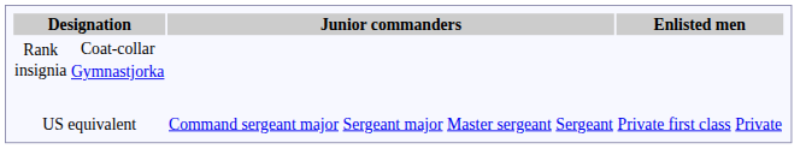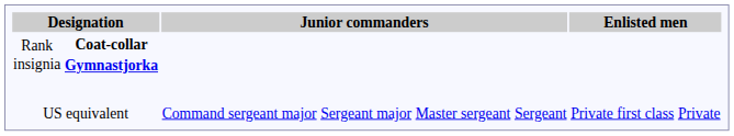 <table style="border:1px solid #8888aa; background-color:#f7f8ff; padding:5px; font-size:95%; margin: 0px 12px 12px 0px;">
 <tr bgcolor="#CCCCCC">
 <th colspan=2>Designation</th>
 <th colspan=4>Junior commanders</th>
 <th colspan=2>Enlisted men</th>
 </tr>
 <tr style="text-align:center;">
 <td rowspan=2>Rank<br>insignia</td>
-<td>Coat-collar</td>
+<td><strong>Coat-collar</strong></td>
 <td></td>
 <td></td>
 <td></td>
 <td></td>
 <td></td>
 <td></td>
 </tr>
 <tr style="text-align:center;">
-<td><a href='#'>Gymnastjorka</a></td>
+<td><strong><a href='#'>Gymnastjorka</a></strong></td>
 <td></td>
 <td></td>
 <td></td>
 <td></td>
 <td></td>
 <td></td>
 </tr>
 <tr style="text-align:center;">
 <td colspan=2></td>
 <td><br></td>
 <td><br></td>
 <td><br></td>
 <td><br></td>
 <td><br></td>
 <td><br></td>
 </tr>
 <tr style="text-align:center;">
 <td colspan=10></td>
 </tr>
 <tr style="text-align:center;">
 <td colspan=2>US equivalent</td>
 <td><a href='#'>Command sergeant major</a></td>
 <td><a href='#'>Sergeant major</a></td>
 <td><a href='#'>Master sergeant</a></td>
 <td><a href='#'>Sergeant</a></td>
 <td><a href='#'>Private first class</a></td>
 <td><a href='#'>Private</a></td>
 </tr>
 </table>
